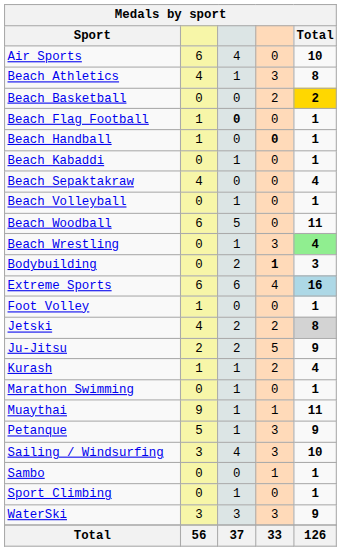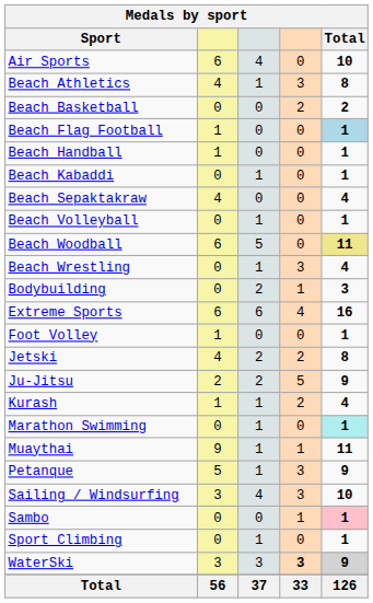 <table class="wikitable" style="font-size:90%; text-align:center;">
 <tr>
 <th colspan=5>Medals by sport</th>
 </tr>
 <tr>
 <th width=160>Sport</th>
 <th scope="col" width=30 style="background:#F7F6A8;"></th>
 <th scope="col" width=30 style="background:#DCE5E5;"></th>
 <th scope="col" width=30 style="background:#FFDAB9;"></th>
 <th width=30>Total</th>
 </tr>
 <tr>
 <td align=left> <a href='#'>Air Sports</a></td>
 <td style="background:#F7F6A8;">6</td>
 <td style="background:#DCE5E5;">4</td>
 <td style="background:#FFDAB9;">0</td>
 <td><strong>10</strong></td>
 </tr>
 <tr>
 <td align=left> <a href='#'>Beach Athletics</a></td>
 <td style="background:#F7F6A8;">4</td>
 <td style="background:#DCE5E5;">1</td>
 <td style="background:#FFDAB9;">3</td>
 <td><strong>8</strong></td>
 </tr>
 <tr>
 <td align=left> <a href='#'>Beach Basketball</a></td>
 <td style="background:#F7F6A8;">0</td>
 <td style="background:#DCE5E5;">0</td>
 <td style="background:#FFDAB9;">2</td>
-<td style="background: gold;"><strong>2</strong></td>
+<td><strong>2</strong></td>
 </tr>
 <tr>
 <td align=left> <a href='#'>Beach Flag Football</a></td>
 <td style="background:#F7F6A8;">1</td>
-<td style="background:#DCE5E5;"><strong>0</strong></td>
+<td style="background:#DCE5E5;">0</td>
 <td style="background:#FFDAB9;">0</td>
-<td><strong>1</strong></td>
+<td style="background: lightblue;"><strong>1</strong></td>
 </tr>
 <tr>
 <td align=left> <a href='#'>Beach Handball</a></td>
 <td style="background:#F7F6A8;">1</td>
 <td style="background:#DCE5E5;">0</td>
-<td style="background:#FFDAB9;"><strong>0</strong></td>
+<td style="background:#FFDAB9;">0</td>
 <td><strong>1</strong></td>
 </tr>
 <tr>
 <td align=left> <a href='#'>Beach Kabaddi</a></td>
 <td style="background:#F7F6A8;">0</td>
 <td style="background:#DCE5E5;">1</td>
 <td style="background:#FFDAB9;">0</td>
 <td><strong>1</strong></td>
 </tr>
 <tr>
 <td align=left> <a href='#'>Beach Sepaktakraw</a></td>
 <td style="background:#F7F6A8;">4</td>
 <td style="background:#DCE5E5;">0</td>
 <td style="background:#FFDAB9;">0</td>
 <td><strong>4</strong></td>
 </tr>
 <tr>
 <td align=left> <a href='#'>Beach Volleyball</a></td>
 <td style="background:#F7F6A8;">0</td>
 <td style="background:#DCE5E5;">1</td>
 <td style="background:#FFDAB9;">0</td>
 <td><strong>1</strong></td>
 </tr>
 <tr>
 <td align=left> <a href='#'>Beach Woodball</a></td>
 <td style="background:#F7F6A8;">6</td>
 <td style="background:#DCE5E5;">5</td>
 <td style="background:#FFDAB9;">0</td>
-<td><strong>11</strong></td>
+<td style="background: khaki;"><strong>11</strong></td>
 </tr>
 <tr>
 <td align=left> <a href='#'>Beach Wrestling</a></td>
 <td style="background:#F7F6A8;">0</td>
 <td style="background:#DCE5E5;">1</td>
 <td style="background:#FFDAB9;">3</td>
-<td style="background: lightgreen;"><strong>4</strong></td>
+<td><strong>4</strong></td>
 </tr>
 <tr>
 <td align=left> <a href='#'>Bodybuilding</a></td>
 <td style="background:#F7F6A8;">0</td>
 <td style="background:#DCE5E5;">2</td>
-<td style="background:#FFDAB9;"><strong>1</strong></td>
+<td style="background:#FFDAB9;">1</td>
 <td><strong>3</strong></td>
 </tr>
 <tr>
 <td align=left> <a href='#'>Extreme Sports</a></td>
 <td style="background:#F7F6A8;">6</td>
 <td style="background:#DCE5E5;">6</td>
 <td style="background:#FFDAB9;">4</td>
-<td style="background: lightblue;"><strong>16</strong></td>
+<td><strong>16</strong></td>
 </tr>
 <tr>
 <td align=left> <a href='#'>Foot Volley</a></td>
 <td style="background:#F7F6A8;">1</td>
 <td style="background:#DCE5E5;">0</td>
 <td style="background:#FFDAB9;">0</td>
 <td><strong>1</strong></td>
 </tr>
 <tr>
 <td align=left> <a href='#'>Jetski</a></td>
 <td style="background:#F7F6A8;">4</td>
 <td style="background:#DCE5E5;">2</td>
 <td style="background:#FFDAB9;">2</td>
-<td style="background: lightgrey;"><strong>8</strong></td>
+<td><strong>8</strong></td>
 </tr>
 <tr>
 <td align=left> <a href='#'>Ju-Jitsu</a></td>
 <td style="background:#F7F6A8;">2</td>
 <td style="background:#DCE5E5;">2</td>
 <td style="background:#FFDAB9;">5</td>
 <td><strong>9</strong></td>
 </tr>
 <tr>
 <td align=left> <a href='#'>Kurash</a></td>
 <td style="background:#F7F6A8;">1</td>
 <td style="background:#DCE5E5;">1</td>
 <td style="background:#FFDAB9;">2</td>
 <td><strong>4</strong></td>
 </tr>
 <tr>
 <td align=left> <a href='#'>Marathon Swimming</a></td>
 <td style="background:#F7F6A8;">0</td>
 <td style="background:#DCE5E5;">1</td>
 <td style="background:#FFDAB9;">0</td>
-<td><strong>1</strong></td>
+<td style="background: paleturquoise;"><strong>1</strong></td>
 </tr>
 <tr>
 <td align=left> <a href='#'>Muaythai</a></td>
 <td style="background:#F7F6A8;">9</td>
 <td style="background:#DCE5E5;">1</td>
 <td style="background:#FFDAB9;">1</td>
 <td><strong>11</strong></td>
 </tr>
 <tr>
 <td align=left> <a href='#'>Petanque</a></td>
 <td style="background:#F7F6A8;">5</td>
 <td style="background:#DCE5E5;">1</td>
 <td style="background:#FFDAB9;">3</td>
 <td><strong>9</strong></td>
 </tr>
 <tr>
 <td align=left> <a href='#'>Sailing / Windsurfing</a></td>
 <td style="background:#F7F6A8;">3</td>
 <td style="background:#DCE5E5;">4</td>
 <td style="background:#FFDAB9;">3</td>
 <td><strong>10</strong></td>
 </tr>
 <tr>
 <td align=left> <a href='#'>Sambo</a></td>
 <td style="background:#F7F6A8;">0</td>
 <td style="background:#DCE5E5;">0</td>
 <td style="background:#FFDAB9;">1</td>
-<td><strong>1</strong></td>
+<td style="background: pink;"><strong>1</strong></td>
 </tr>
 <tr>
 <td align=left> <a href='#'>Sport Climbing</a></td>
 <td style="background:#F7F6A8;">0</td>
 <td style="background:#DCE5E5;">1</td>
 <td style="background:#FFDAB9;">0</td>
 <td><strong>1</strong></td>
 </tr>
 <tr>
 <td align=left> <a href='#'>WaterSki</a></td>
 <td style="background:#F7F6A8;">3</td>
 <td style="background:#DCE5E5;">3</td>
-<td style="background:#FFDAB9;">3</td>
-<td><strong>9</strong></td>
+<td style="background:#FFDAB9;"><strong>3</strong></td>
+<td style="background: lightgrey;"><strong>9</strong></td>
 </tr>
 <tr>
 </tr>
 <tr class="sortbottom">
 <th>Total</th>
 <th>56</th>
 <th>37</th>
 <th>33</th>
 <th>126</th>
 </tr>
 </table>
